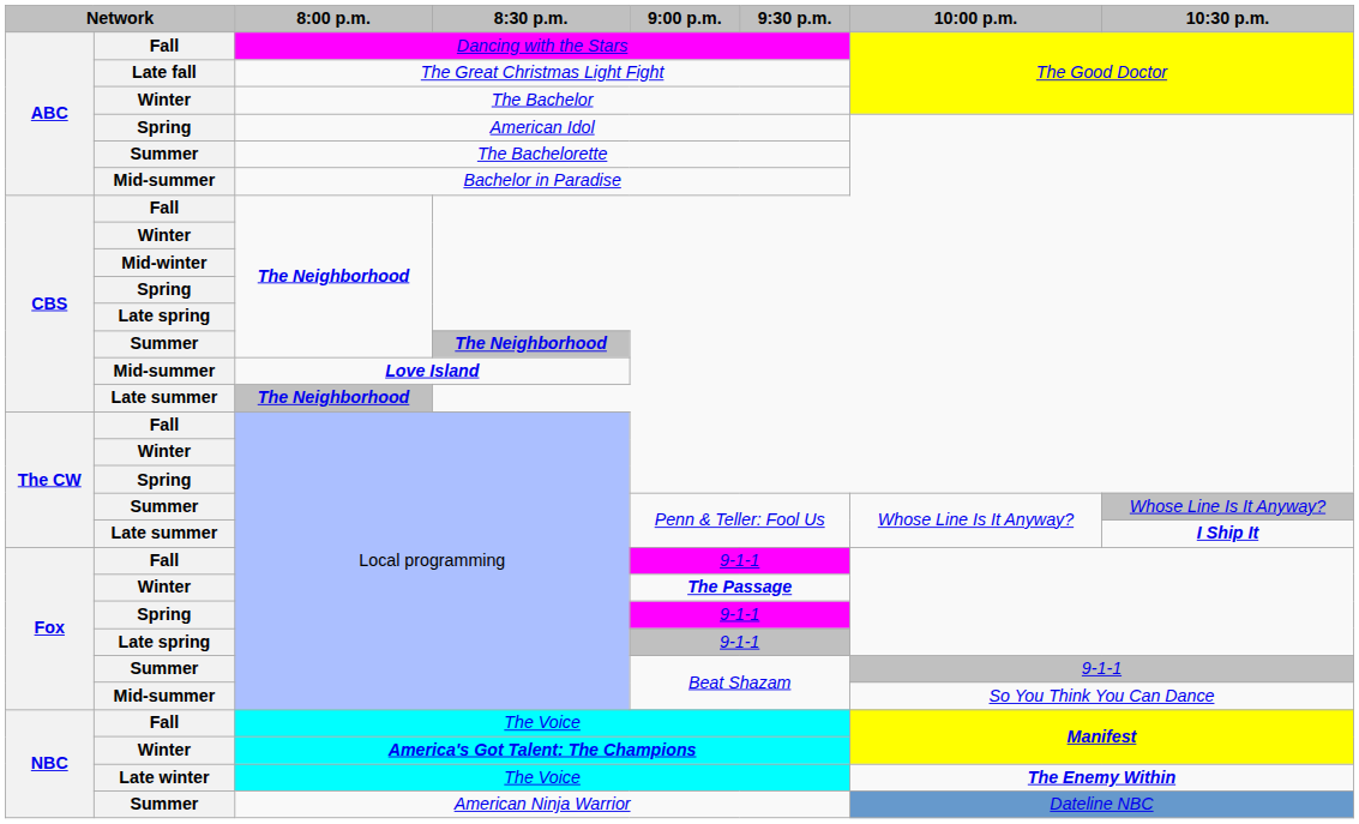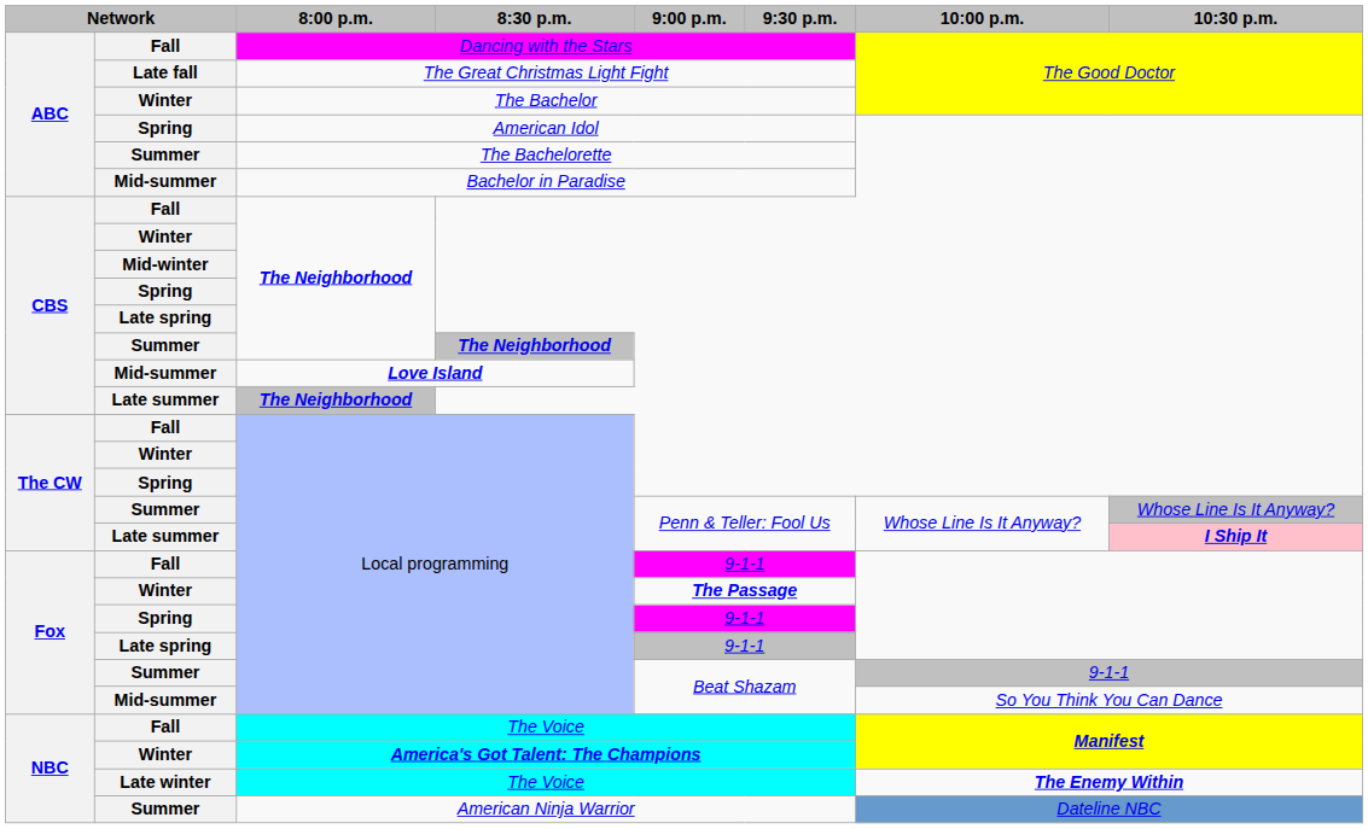 <table class="wikitable" style="width:100%;margin-right:0;text-align:center">
 <tr>
 <th colspan="2" style="background-color:#C0C0C0;text-align:center">Network</th>
 <th style="background-color:#C0C0C0;text-align:center">8:00 p.m.</th>
 <th style="background-color:#C0C0C0;text-align:center">8:30 p.m.</th>
 <th style="background-color:#C0C0C0;text-align:center">9:00 p.m.</th>
 <th style="background-color:#C0C0C0;text-align:center">9:30 p.m.</th>
 <th style="background-color:#C0C0C0;text-align:center">10:00 p.m.</th>
 <th style="background-color:#C0C0C0;text-align:center">10:30 p.m.</th>
 </tr>
 <tr>
 <th rowspan="6"><a href='#'>ABC</a></th>
 <th>Fall</th>
 <td colspan="4" style="background:#FF00FF;"><em><a href='#'>Dancing with the Stars</a></em> </td>
 <td rowspan="3" colspan="2" style="background:#FFFF00;"><em><a href='#'>The Good Doctor</a></em> </td>
 </tr>
 <tr>
 <th>Late fall</th>
 <td colspan="4"><em><a href='#'>The Great Christmas Light Fight</a></em></td>
 </tr>
 <tr>
 <th>Winter</th>
 <td colspan="4"><em><a href='#'>The Bachelor</a></em></td>
 </tr>
 <tr>
 <th>Spring</th>
 <td colspan="4"><em><a href='#'>American Idol</a></em></td>
 </tr>
 <tr>
 <th>Summer</th>
 <td colspan="4"><em><a href='#'>The Bachelorette</a></em></td>
 </tr>
 <tr>
 <th>Mid-summer</th>
 <td colspan="4"><em><a href='#'>Bachelor in Paradise</a></em></td>
 </tr>
 <tr>
 <th rowspan="8"><a href='#'>CBS</a></th>
 <th>Fall</th>
 <td rowspan="6"><strong><em><a href='#'>The Neighborhood</a></em></strong><br></td>
 </tr>
 <tr>
 <th>Winter</th>
 </tr>
 <tr>
 <th>Mid-winter</th>
 </tr>
 <tr>
 <th>Spring</th>
 </tr>
 <tr>
 <th>Late spring</th>
 </tr>
 <tr>
 <th>Summer</th>
 <td style="background:#C0C0C0;"><strong><em><a href='#'>The Neighborhood</a></em></strong> </td>
 </tr>
 <tr>
 <th>Mid-summer</th>
 <td colspan="2"><strong><em><a href='#'>Love Island</a></em></strong></td>
 </tr>
 <tr>
 <th>Late summer</th>
 <td style="background:#C0C0C0;"><strong><em><a href='#'>The Neighborhood</a></em></strong> </td>
 </tr>
 <tr>
 <th rowspan="5"><a href='#'>The CW</a></th>
 <th>Fall</th>
 <td style="background:#abbfff;" rowspan="11" colspan="2">Local programming</td>
 </tr>
 <tr>
 <th>Winter</th>
 </tr>
 <tr>
 <th>Spring</th>
 </tr>
 <tr>
 <th>Summer</th>
 <td rowspan="2" colspan="2"><em><a href='#'>Penn & Teller: Fool Us</a></em></td>
 <td rowspan="2"><em><a href='#'>Whose Line Is It Anyway?</a></em></td>
 <td style="background:#C0C0C0;"><em><a href='#'>Whose Line Is It Anyway?</a></em> </td>
 </tr>
 <tr>
 <th>Late summer</th>
-<td><strong><em><a href='#'>I Ship It</a></em></strong></td>
+<td style="background: pink;"><strong><em><a href='#'>I Ship It</a></em></strong></td>
 </tr>
 <tr>
 <th rowspan="6"><a href='#'>Fox</a></th>
 <th>Fall</th>
 <td colspan="2" style="background:#FF00FF;"><em><a href='#'>9-1-1</a></em> </td>
 </tr>
 <tr>
 <th>Winter</th>
 <td colspan="2"><strong><em><a href='#'>The Passage</a></em></strong></td>
 </tr>
 <tr>
 <th>Spring</th>
 <td colspan="2" style="background:#FF00FF;"><em><a href='#'>9-1-1</a></em> </td>
 </tr>
 <tr>
 <th>Late spring</th>
 <td colspan="2" style="background:#C0C0C0;"><em><a href='#'>9-1-1</a></em> </td>
 </tr>
 <tr>
 <th>Summer</th>
 <td rowspan="2" colspan="2"><em><a href='#'>Beat Shazam</a></em></td>
 <td colspan="2" style="background:#C0C0C0;"><em><a href='#'>9-1-1</a></em> </td>
 </tr>
 <tr>
 <th>Mid-summer</th>
 <td colspan="2"><em><a href='#'>So You Think You Can Dance</a></em></td>
 </tr>
 <tr>
 <th rowspan="5"><a href='#'>NBC</a></th>
 <th>Fall</th>
 <td colspan="4" style="background:#00FFFF;"><em><a href='#'>The Voice</a></em> </td>
 <td rowspan="2" colspan="2" style="background:#FFFF00;"><strong><em><a href='#'>Manifest</a></em></strong></td>
 </tr>
 <tr>
 <th>Winter</th>
 <td colspan="4" style="background:#00FFFF;"><strong><em><a href='#'>America's Got Talent: The Champions</a></em></strong> </td>
 </tr>
 <tr>
 <th>Late winter</th>
 <td colspan="4" style="background:#00FFFF;"><em><a href='#'>The Voice</a></em> </td>
 <td colspan="2"><strong><em><a href='#'>The Enemy Within</a></em></strong></td>
 </tr>
 <tr>
 <th>Summer</th>
 <td colspan="4"><em><a href='#'>American Ninja Warrior</a></em></td>
 <td colspan="2" style="background:#6699CC;"><em><a href='#'>Dateline NBC</a></em></td>
 </tr>
 </table>
